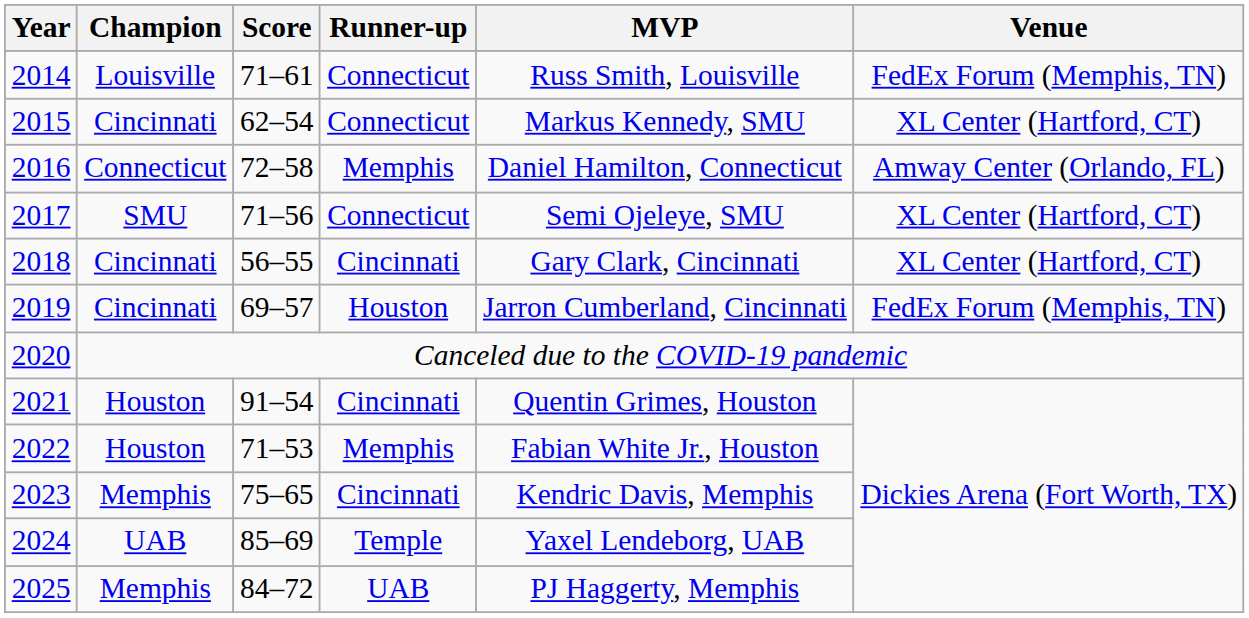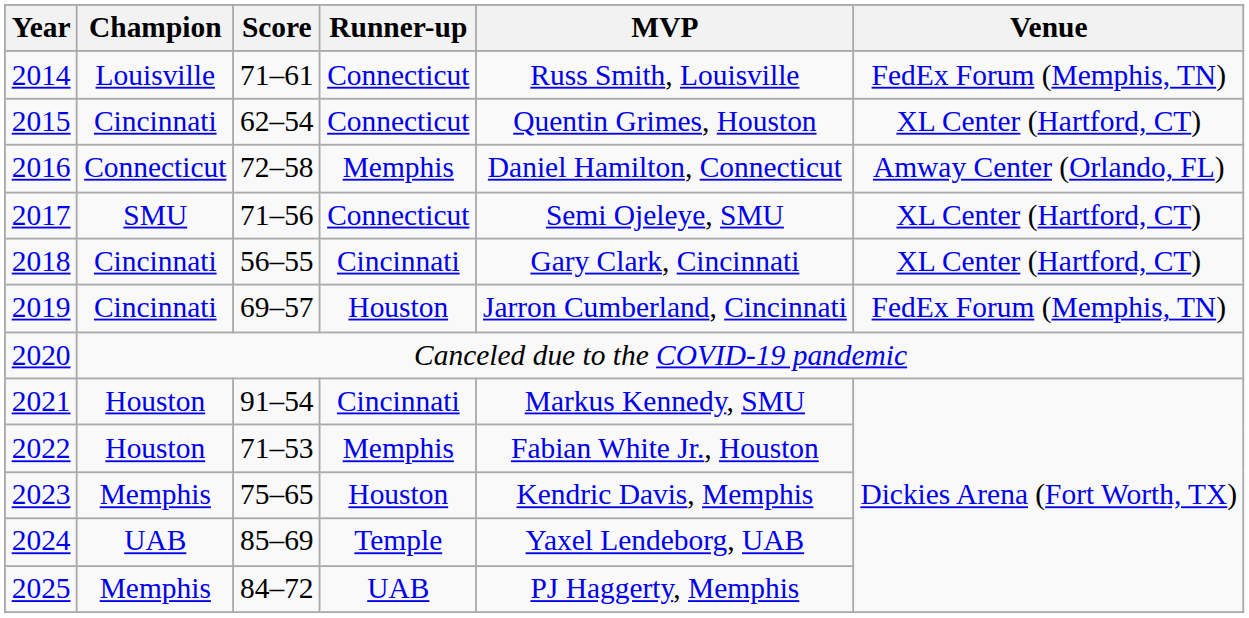 <table class="wikitable sortable">
 <tr>
 <th width=px>Year</th>
 <th width=px>Champion</th>
 <th width=px>Score</th>
 <th width=px>Runner-up</th>
 <th width=px>MVP</th>
 <th width=px>Venue</th>
 </tr>
 <tr align="center">
 <td><a href='#'>2014</a></td>
 <td><a href='#'>Louisville</a></td>
 <td>71–61</td>
 <td><a href='#'>Connecticut</a></td>
 <td><a href='#'>Russ Smith</a>, <a href='#'>Louisville</a></td>
 <td><a href='#'>FedEx Forum</a> (<a href='#'>Memphis, TN</a>)</td>
 </tr>
 <tr align="center">
 <td><a href='#'>2015</a></td>
 <td><a href='#'>Cincinnati</a></td>
 <td>62–54</td>
 <td><a href='#'>Connecticut</a></td>
-<td><a href='#'>Markus Kennedy</a>, <a href='#'>SMU</a></td>
+<td><a href='#'>Quentin Grimes</a>, <a href='#'>Houston</a></td>
 <td><a href='#'>XL Center</a> (<a href='#'>Hartford, CT</a>)</td>
 </tr>
 <tr align="center">
 <td><a href='#'>2016</a></td>
 <td><a href='#'>Connecticut</a></td>
 <td>72–58</td>
 <td><a href='#'>Memphis</a></td>
 <td><a href='#'>Daniel Hamilton</a>, <a href='#'>Connecticut</a></td>
 <td><a href='#'>Amway Center</a> (<a href='#'>Orlando, FL</a>)</td>
 </tr>
 <tr align="center">
 <td><a href='#'>2017</a></td>
 <td><a href='#'>SMU</a></td>
 <td>71–56</td>
 <td><a href='#'>Connecticut</a></td>
 <td><a href='#'>Semi Ojeleye</a>, <a href='#'>SMU</a></td>
 <td><a href='#'>XL Center</a> (<a href='#'>Hartford, CT</a>)</td>
 </tr>
 <tr align="center">
 <td><a href='#'>2018</a></td>
 <td><a href='#'>Cincinnati</a></td>
 <td>56–55</td>
 <td><a href='#'>Cincinnati</a></td>
 <td><a href='#'>Gary Clark</a>, <a href='#'>Cincinnati</a></td>
 <td><a href='#'>XL Center</a> (<a href='#'>Hartford, CT</a>)</td>
 </tr>
 <tr align="center">
 <td><a href='#'>2019</a></td>
 <td><a href='#'>Cincinnati</a></td>
 <td>69–57</td>
 <td><a href='#'>Houston</a></td>
 <td><a href='#'>Jarron Cumberland</a>, <a href='#'>Cincinnati</a></td>
 <td><a href='#'>FedEx Forum</a> (<a href='#'>Memphis, TN</a>)</td>
 </tr>
 <tr align="center">
 <td><a href='#'>2020</a></td>
 <td colspan="6"><em>Canceled due to the <a href='#'>COVID-19 pandemic</a></em></td>
 </tr>
 <tr align="center">
 <td><a href='#'>2021</a></td>
 <td><a href='#'>Houston</a></td>
 <td>91–54</td>
 <td><a href='#'>Cincinnati</a></td>
-<td><a href='#'>Quentin Grimes</a>, <a href='#'>Houston</a></td>
+<td><a href='#'>Markus Kennedy</a>, <a href='#'>SMU</a></td>
 <td rowspan=5><a href='#'>Dickies Arena</a> (<a href='#'>Fort Worth, TX</a>)</td>
 </tr>
 <tr align="center">
 <td><a href='#'>2022</a></td>
 <td><a href='#'>Houston</a></td>
 <td>71–53</td>
 <td><a href='#'>Memphis</a></td>
 <td><a href='#'>Fabian White Jr.</a>, <a href='#'>Houston</a></td>
 </tr>
 <tr align="center">
 <td><a href='#'>2023</a></td>
 <td><a href='#'>Memphis</a></td>
 <td>75–65</td>
-<td><a href='#'>Cincinnati</a></td>
+<td><a href='#'>Houston</a></td>
 <td><a href='#'>Kendric Davis</a>, <a href='#'>Memphis</a></td>
 </tr>
 <tr align="center">
 <td><a href='#'>2024</a></td>
 <td><a href='#'>UAB</a></td>
 <td>85–69</td>
 <td><a href='#'>Temple</a></td>
 <td><a href='#'>Yaxel Lendeborg</a>, <a href='#'>UAB</a></td>
 </tr>
 <tr align="center">
 <td><a href='#'>2025</a></td>
 <td><a href='#'>Memphis</a></td>
 <td>84–72</td>
 <td><a href='#'>UAB</a></td>
 <td><a href='#'>PJ Haggerty</a>, <a href='#'>Memphis</a></td>
 </tr>
 </table>
